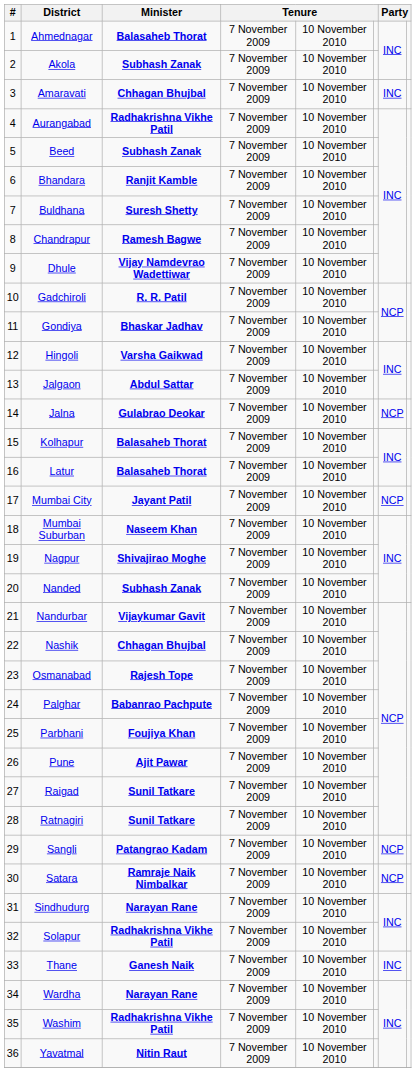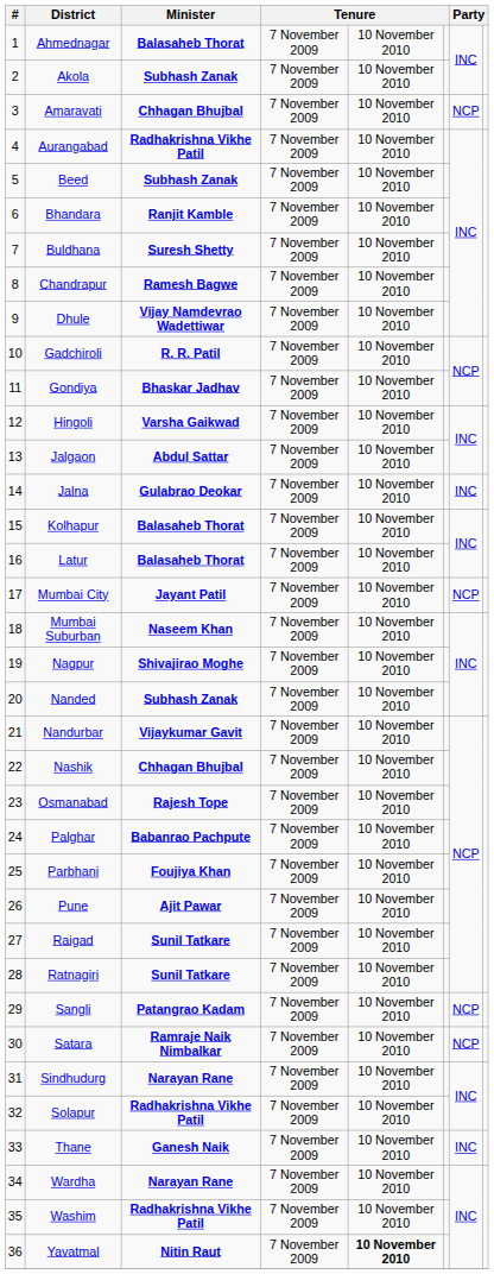 <table class="wikitable"style=text-align:center>
 <tr>
 <th>#</th>
 <th>District</th>
 <th>Minister</th>
 <th colspan="3" scope="col">Tenure</th>
 <th colspan="2" scope="col">Party</th>
 </tr>
 <tr>
 <td>1</td>
 <td><a href='#'>Ahmednagar</a></td>
 <td><strong><a href='#'>Balasaheb Thorat</a></strong></td>
 <td>7 November 2009</td>
 <td>10 November 2010</td>
 <td></td>
 <td rowspan="2"><a href='#'>INC</a></td>
 <td rowspan="2" style="background-color:"></td>
 </tr>
 <tr>
 <td>2</td>
 <td><a href='#'>Akola</a></td>
 <td><strong><a href='#'>Subhash Zanak</a></strong></td>
 <td>7 November 2009</td>
 <td>10 November 2010</td>
 <td></td>
 </tr>
 <tr>
 <td>3</td>
 <td><a href='#'>Amaravati</a></td>
 <td><strong><a href='#'>Chhagan Bhujbal</a></strong> <br></td>
 <td>7 November 2009</td>
 <td>10 November 2010</td>
 <td></td>
-<td rowspan="1"><a href='#'>INC</a></td>
+<td rowspan="1"><a href='#'>NCP</a></td>
 <td rowspan="1" style="background-color:"></td>
 </tr>
 <tr>
 <td>4</td>
 <td><a href='#'>Aurangabad</a></td>
 <td><strong><a href='#'>Radhakrishna Vikhe Patil</a></strong></td>
 <td>7 November 2009</td>
 <td>10 November 2010</td>
 <td></td>
 <td rowspan="6"><a href='#'>INC</a></td>
 <td rowspan="6" style="background-color:"></td>
 </tr>
 <tr>
 <td>5</td>
 <td><a href='#'>Beed</a></td>
 <td><strong><a href='#'>Subhash Zanak</a></strong></td>
 <td>7 November 2009</td>
 <td>10 November 2010</td>
 <td></td>
 </tr>
 <tr>
 <td>6</td>
 <td><a href='#'>Bhandara</a></td>
 <td><strong><a href='#'>Ranjit Kamble</a></strong></td>
 <td>7 November 2009</td>
 <td>10 November 2010</td>
 <td></td>
 </tr>
 <tr>
 <td>7</td>
 <td><a href='#'>Buldhana</a></td>
 <td><strong><a href='#'>Suresh Shetty</a></strong></td>
 <td>7 November 2009</td>
 <td>10 November 2010</td>
 <td></td>
 </tr>
 <tr>
 <td>8</td>
 <td><a href='#'>Chandrapur</a></td>
 <td><strong><a href='#'>Ramesh Bagwe</a></strong></td>
 <td>7 November 2009</td>
 <td>10 November 2010</td>
 <td></td>
 </tr>
 <tr>
 <td>9</td>
 <td><a href='#'>Dhule</a></td>
 <td><strong><a href='#'>Vijay Namdevrao Wadettiwar</a></strong></td>
 <td>7 November 2009</td>
 <td>10 November 2010</td>
 <td></td>
 </tr>
 <tr>
 <td>10</td>
 <td><a href='#'>Gadchiroli</a></td>
 <td><strong><a href='#'>R. R. Patil</a></strong></td>
 <td>7 November 2009</td>
 <td>10 November 2010</td>
 <td></td>
 <td rowspan="2"><a href='#'>NCP</a></td>
 <td rowspan="2" style="background-color:"></td>
 </tr>
 <tr>
 <td>11</td>
 <td><a href='#'>Gondiya</a></td>
 <td><strong><a href='#'>Bhaskar Jadhav</a></strong></td>
 <td>7 November 2009</td>
 <td>10 November 2010</td>
 <td></td>
 </tr>
 <tr>
 <td>12</td>
 <td><a href='#'>Hingoli</a></td>
 <td><strong><a href='#'>Varsha Gaikwad</a></strong></td>
 <td>7 November 2009</td>
 <td>10 November 2010</td>
 <td></td>
 <td rowspan="2"><a href='#'>INC</a></td>
 <td rowspan="2" style="background-color:"></td>
 </tr>
 <tr>
 <td>13</td>
 <td><a href='#'>Jalgaon</a></td>
 <td><strong><a href='#'>Abdul Sattar</a></strong></td>
 <td>7 November 2009</td>
 <td>10 November 2010</td>
 <td></td>
 </tr>
 <tr>
 <td>14</td>
 <td><a href='#'>Jalna</a></td>
 <td><strong><a href='#'>Gulabrao Deokar</a></strong></td>
 <td>7 November 2009</td>
 <td>10 November 2010</td>
 <td></td>
-<td rowspan="1"><a href='#'>NCP</a></td>
+<td rowspan="1"><a href='#'>INC</a></td>
 <td rowspan="1" style="background-color:"></td>
 </tr>
 <tr>
 <td>15</td>
 <td><a href='#'>Kolhapur</a></td>
 <td><strong><a href='#'>Balasaheb Thorat</a></strong></td>
 <td>7 November 2009</td>
 <td>10 November 2010</td>
 <td></td>
 <td rowspan="2"><a href='#'>INC</a></td>
 <td rowspan="2" style="background-color:"></td>
 </tr>
 <tr>
 <td>16</td>
 <td><a href='#'>Latur</a></td>
 <td><strong><a href='#'>Balasaheb Thorat</a></strong></td>
 <td>7 November 2009</td>
 <td>10 November 2010</td>
 <td></td>
 </tr>
 <tr>
 <td>17</td>
 <td><a href='#'>Mumbai City</a></td>
 <td><strong><a href='#'>Jayant Patil</a></strong></td>
 <td>7 November 2009</td>
 <td>10 November 2010</td>
 <td></td>
 <td rowspan="1"><a href='#'>NCP</a></td>
 <td rowspan="1" style="background-color:"></td>
 </tr>
 <tr>
 <td>18</td>
 <td><a href='#'>Mumbai Suburban</a></td>
 <td><strong><a href='#'>Naseem Khan</a></strong></td>
 <td>7 November 2009</td>
 <td>10 November 2010</td>
 <td></td>
 <td rowspan="3"><a href='#'>INC</a></td>
 <td rowspan="3" style="background-color:"></td>
 </tr>
 <tr>
 <td>19</td>
 <td><a href='#'>Nagpur</a></td>
 <td><strong><a href='#'>Shivajirao Moghe</a></strong></td>
 <td>7 November 2009</td>
 <td>10 November 2010</td>
 <td></td>
 </tr>
 <tr>
 <td>20</td>
 <td><a href='#'>Nanded</a></td>
 <td><strong><a href='#'>Subhash Zanak</a></strong></td>
 <td>7 November 2009</td>
 <td>10 November 2010</td>
 <td></td>
 </tr>
 <tr>
 <td>21</td>
 <td><a href='#'>Nandurbar</a></td>
 <td><strong><a href='#'>Vijaykumar Gavit</a></strong></td>
 <td>7 November 2009</td>
 <td>10 November 2010</td>
 <td></td>
 <td rowspan="8"><a href='#'>NCP</a></td>
 <td rowspan="8" style="background-color:"></td>
 </tr>
 <tr>
 <td>22</td>
 <td><a href='#'>Nashik</a></td>
 <td><strong><a href='#'>Chhagan Bhujbal</a></strong><br></td>
 <td>7 November 2009</td>
 <td>10 November 2010</td>
 <td></td>
 </tr>
 <tr>
 <td>23</td>
 <td><a href='#'>Osmanabad</a></td>
 <td><strong><a href='#'>Rajesh Tope</a></strong></td>
 <td>7 November 2009</td>
 <td>10 November 2010</td>
 <td></td>
 </tr>
 <tr>
 <td>24</td>
 <td><a href='#'>Palghar</a></td>
 <td><strong><a href='#'>Babanrao Pachpute</a></strong></td>
 <td>7 November 2009</td>
 <td>10 November 2010</td>
 <td></td>
 </tr>
 <tr>
 <td>25</td>
 <td><a href='#'>Parbhani</a></td>
 <td><strong><a href='#'>Foujiya Khan</a></strong></td>
 <td>7 November 2009</td>
 <td>10 November 2010</td>
 <td></td>
 </tr>
 <tr>
 <td>26</td>
 <td><a href='#'>Pune</a></td>
 <td><strong><a href='#'>Ajit Pawar</a></strong></td>
 <td>7 November 2009</td>
 <td>10 November 2010</td>
 <td></td>
 </tr>
 <tr>
 <td>27</td>
 <td><a href='#'>Raigad</a></td>
 <td><strong><a href='#'>Sunil Tatkare</a></strong></td>
 <td>7 November 2009</td>
 <td>10 November 2010</td>
 <td></td>
 </tr>
 <tr>
 <td>28</td>
 <td><a href='#'>Ratnagiri</a></td>
 <td><strong><a href='#'>Sunil Tatkare</a></strong></td>
 <td>7 November 2009</td>
 <td>10 November 2010</td>
 <td></td>
 </tr>
 <tr>
 <td>29</td>
 <td><a href='#'>Sangli</a></td>
 <td><strong><a href='#'>Patangrao Kadam</a></strong></td>
 <td>7 November 2009</td>
 <td>10 November 2010</td>
 <td></td>
 <td rowspan="1"><a href='#'>NCP</a></td>
 <td rowspan="1" style="background-color:"></td>
 </tr>
 <tr>
 <td>30</td>
 <td><a href='#'>Satara</a></td>
 <td><strong><a href='#'>Ramraje Naik Nimbalkar</a></strong></td>
 <td>7 November 2009</td>
 <td>10 November 2010</td>
 <td></td>
 <td rowspan="1"><a href='#'>NCP</a></td>
 <td rowspan="1" style="background-color:"></td>
 </tr>
 <tr>
 <td>31</td>
 <td><a href='#'>Sindhudurg</a></td>
 <td><strong><a href='#'>Narayan Rane</a></strong></td>
 <td>7 November 2009</td>
 <td>10 November 2010</td>
 <td></td>
 <td rowspan="2"><a href='#'>INC</a></td>
 <td rowspan="2" style="background-color:"></td>
 </tr>
 <tr>
 <td>32</td>
 <td><a href='#'>Solapur</a></td>
 <td><strong><a href='#'>Radhakrishna Vikhe Patil</a></strong></td>
 <td>7 November 2009</td>
 <td>10 November 2010</td>
 <td></td>
 </tr>
 <tr>
 <td>33</td>
 <td><a href='#'>Thane</a></td>
 <td><strong><a href='#'>Ganesh Naik</a></strong></td>
 <td>7 November 2009</td>
 <td>10 November 2010</td>
 <td></td>
 <td rowspan="1"><a href='#'>INC</a></td>
 <td rowspan="1" style="background-color:"></td>
 </tr>
 <tr>
 <td>34</td>
 <td><a href='#'>Wardha</a></td>
 <td><strong><a href='#'>Narayan Rane</a></strong></td>
 <td>7 November 2009</td>
 <td>10 November 2010</td>
 <td></td>
 <td rowspan="3"><a href='#'>INC</a></td>
 <td rowspan="3" style="background-color:"></td>
 </tr>
 <tr>
 <td>35</td>
 <td><a href='#'>Washim</a></td>
 <td><strong><a href='#'>Radhakrishna Vikhe Patil</a></strong></td>
 <td>7 November 2009</td>
 <td>10 November 2010</td>
 <td></td>
 </tr>
 <tr>
 <td>36</td>
 <td><a href='#'>Yavatmal</a></td>
 <td><strong><a href='#'>Nitin Raut</a></strong></td>
 <td>7 November 2009</td>
-<td>10 November 2010</td>
+<td><strong>10 November 2010</strong></td>
 <td></td>
 </tr>
 <tr>
 </tr>
 </table>
